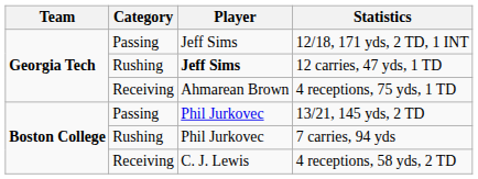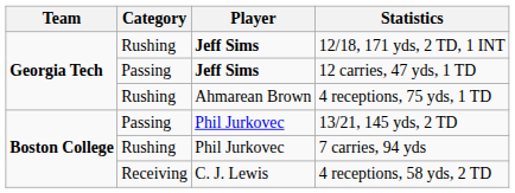 <table class="wikitable" style="float: right;">
 <tr>
 <th>Team</th>
 <th>Category</th>
 <th>Player</th>
 <th>Statistics</th>
 </tr>
 <tr>
 <td rowspan=3><strong>Georgia Tech</strong></td>
-<td>Passing</td>
-<td>Jeff Sims</td>
+<td>Rushing</td>
+<td><strong>Jeff Sims</strong></td>
 <td>12/18, 171 yds, 2 TD, 1 INT</td>
 </tr>
 <tr>
-<td>Rushing</td>
+<td>Passing</td>
 <td><strong>Jeff Sims</strong></td>
 <td>12 carries, 47 yds, 1 TD</td>
 </tr>
 <tr>
-<td>Receiving</td>
+<td>Rushing</td>
 <td>Ahmarean Brown</td>
 <td>4 receptions, 75 yds, 1 TD</td>
 </tr>
 <tr>
 <td rowspan=3><strong>Boston College</strong></td>
 <td>Passing</td>
 <td><a href='#'>Phil Jurkovec</a></td>
 <td>13/21, 145 yds, 2 TD</td>
 </tr>
 <tr>
 <td>Rushing</td>
 <td>Phil Jurkovec</td>
 <td>7 carries, 94 yds</td>
 </tr>
 <tr>
 <td>Receiving</td>
 <td>C. J. Lewis</td>
 <td>4 receptions, 58 yds, 2 TD</td>
 </tr>
 </table>
